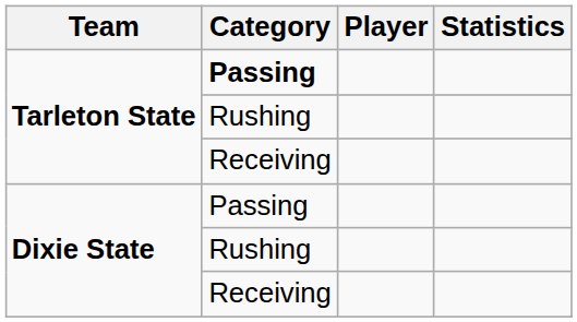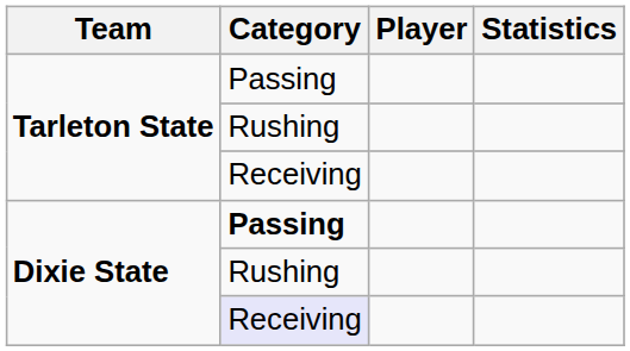 <table class="wikitable" style="float: right;">
 <tr>
 <th>Team</th>
 <th>Category</th>
 <th>Player</th>
 <th>Statistics</th>
 </tr>
 <tr>
 <td rowspan=3><strong>Tarleton State</strong></td>
-<td><strong>Passing</strong></td>
+<td>Passing</td>
 <td></td>
 <td></td>
 </tr>
 <tr>
 <td>Rushing</td>
 <td></td>
 <td></td>
 </tr>
 <tr>
 <td>Receiving</td>
 <td></td>
 <td></td>
 </tr>
 <tr>
 <td rowspan=3><strong>Dixie State</strong></td>
-<td>Passing</td>
+<td><strong>Passing</strong></td>
 <td></td>
 <td></td>
 </tr>
 <tr>
 <td>Rushing</td>
 <td></td>
 <td></td>
 </tr>
 <tr>
-<td>Receiving</td>
+<td style="background: lavender;">Receiving</td>
 <td></td>
 <td></td>
 </tr>
 </table>
